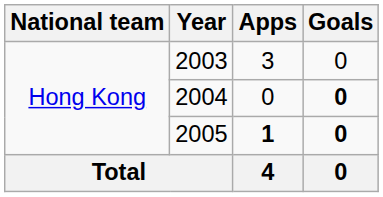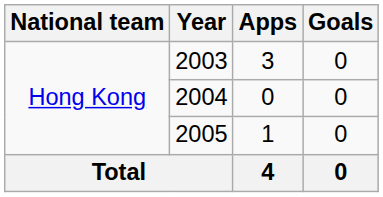 <table class=wikitable style=text-align:center>
 <tr>
 <th>National team</th>
 <th>Year</th>
 <th>Apps</th>
 <th>Goals</th>
 </tr>
 <tr>
 <td rowspan="3"><a href='#'>Hong Kong</a></td>
 <td>2003</td>
 <td>3</td>
 <td>0</td>
 </tr>
 <tr>
 <td>2004</td>
 <td>0</td>
-<td><strong>0</strong></td>
+<td>0</td>
 </tr>
 <tr>
 <td>2005</td>
-<td><strong>1</strong></td>
-<td><strong>0</strong></td>
+<td>1</td>
+<td>0</td>
 </tr>
 <tr>
 <th colspan="2">Total</th>
 <th>4</th>
 <th>0</th>
 </tr>
 </table>
